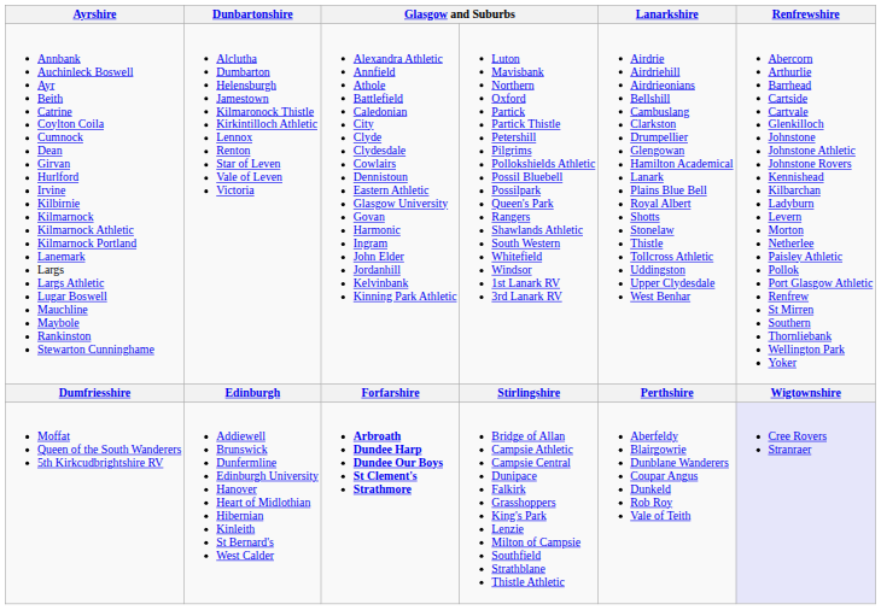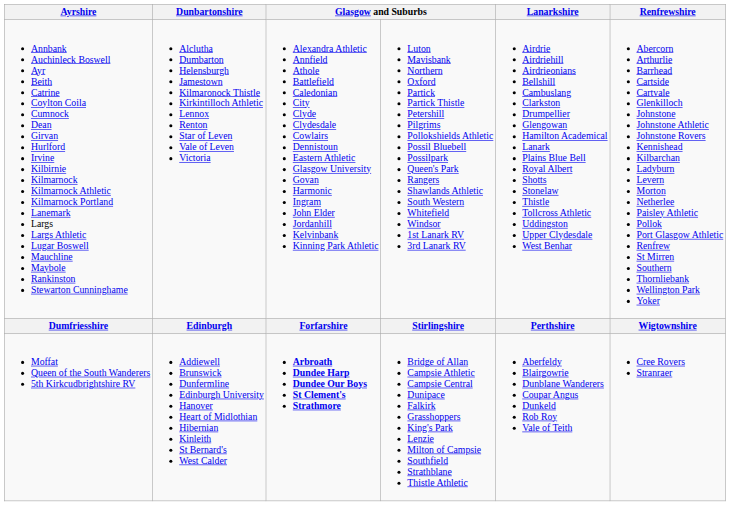 <table class="wikitable" style="text-align:left">
 <tr>
 <th><a href='#'>Ayrshire</a></th>
 <th><a href='#'>Dunbartonshire</a></th>
 <th colspan=2><a href='#'>Glasgow</a> and Suburbs</th>
 <th><a href='#'>Lanarkshire</a></th>
 <th><a href='#'>Renfrewshire</a></th>
 </tr>
 <tr>
 <td valign=top><br><ul><li><a href='#'>Annbank</a></li><li><a href='#'>Auchinleck Boswell</a></li><li><a href='#'>Ayr</a></li><li><a href='#'>Beith</a></li><li><a href='#'>Catrine</a></li><li><a href='#'>Coylton Coila</a></li><li><a href='#'>Cumnock</a></li><li><a href='#'>Dean</a></li><li><a href='#'>Girvan</a></li><li><a href='#'>Hurlford</a></li><li><a href='#'>Irvine</a></li><li><a href='#'>Kilbirnie</a></li><li><a href='#'>Kilmarnock</a></li><li><a href='#'>Kilmarnock Athletic</a></li><li><a href='#'>Kilmarnock Portland</a></li><li><a href='#'>Lanemark</a></li><li>Largs</li><li><a href='#'>Largs Athletic</a></li><li><a href='#'>Lugar Boswell</a></li><li><a href='#'>Mauchline</a></li><li><a href='#'>Maybole</a></li><li><a href='#'>Rankinston</a></li><li><a href='#'>Stewarton Cunninghame</a></li></ul></td>
 <td valign=top><br><ul><li><a href='#'>Alclutha</a></li><li><a href='#'>Dumbarton</a></li><li><a href='#'>Helensburgh</a></li><li><a href='#'>Jamestown</a></li><li><a href='#'>Kilmaronock Thistle</a></li><li><a href='#'>Kirkintilloch Athletic</a></li><li><a href='#'>Lennox</a></li><li><a href='#'>Renton</a></li><li><a href='#'>Star of Leven</a></li><li><a href='#'>Vale of Leven</a></li><li><a href='#'>Victoria</a></li></ul></td>
 <td valign=top><br><ul><li><a href='#'>Alexandra Athletic</a></li><li><a href='#'>Annfield</a></li><li><a href='#'>Athole</a></li><li><a href='#'>Battlefield</a></li><li><a href='#'>Caledonian</a></li><li><a href='#'>City</a></li><li><a href='#'>Clyde</a></li><li><a href='#'>Clydesdale</a></li><li><a href='#'>Cowlairs</a></li><li><a href='#'>Dennistoun</a></li><li><a href='#'>Eastern Athletic</a></li><li><a href='#'>Glasgow University</a></li><li><a href='#'>Govan</a></li><li><a href='#'>Harmonic</a></li><li><a href='#'>Ingram</a></li><li><a href='#'>John Elder</a></li><li><a href='#'>Jordanhill</a></li><li><a href='#'>Kelvinbank</a></li><li><a href='#'>Kinning Park Athletic</a></li></ul></td>
 <td valign=top><br><ul><li><a href='#'>Luton</a></li><li><a href='#'>Mavisbank</a></li><li><a href='#'>Northern</a></li><li><a href='#'>Oxford</a></li><li><a href='#'>Partick</a></li><li><a href='#'>Partick Thistle</a></li><li><a href='#'>Petershill</a></li><li><a href='#'>Pilgrims</a></li><li><a href='#'>Pollokshields Athletic</a></li><li><a href='#'>Possil Bluebell</a></li><li><a href='#'>Possilpark</a></li><li><a href='#'>Queen's Park</a></li><li><a href='#'>Rangers</a></li><li><a href='#'>Shawlands Athletic</a></li><li><a href='#'>South Western</a></li><li><a href='#'>Whitefield</a></li><li><a href='#'>Windsor</a></li><li><a href='#'>1st Lanark RV</a></li><li><a href='#'>3rd Lanark RV</a></li></ul></td>
 <td valign=top><br><ul><li><a href='#'>Airdrie</a></li><li><a href='#'>Airdriehill</a></li><li><a href='#'>Airdrieonians</a></li><li><a href='#'>Bellshill</a></li><li><a href='#'>Cambuslang</a></li><li><a href='#'>Clarkston</a></li><li><a href='#'>Drumpellier</a></li><li><a href='#'>Glengowan</a></li><li><a href='#'>Hamilton Academical</a></li><li><a href='#'>Lanark</a></li><li><a href='#'>Plains Blue Bell</a></li><li><a href='#'>Royal Albert</a></li><li><a href='#'>Shotts</a></li><li><a href='#'>Stonelaw</a></li><li><a href='#'>Thistle</a></li><li><a href='#'>Tollcross Athletic</a></li><li><a href='#'>Uddingston</a></li><li><a href='#'>Upper Clydesdale</a></li><li><a href='#'>West Benhar</a></li></ul></td>
 <td valign=top><br><ul><li><a href='#'>Abercorn</a></li><li><a href='#'>Arthurlie</a></li><li><a href='#'>Barrhead</a></li><li><a href='#'>Cartside</a></li><li><a href='#'>Cartvale</a></li><li><a href='#'>Glenkilloch</a></li><li><a href='#'>Johnstone</a></li><li><a href='#'>Johnstone Athletic</a></li><li><a href='#'>Johnstone Rovers</a></li><li><a href='#'>Kennishead</a></li><li><a href='#'>Kilbarchan</a></li><li><a href='#'>Ladyburn</a></li><li><a href='#'>Levern</a></li><li><a href='#'>Morton</a></li><li><a href='#'>Netherlee</a></li><li><a href='#'>Paisley Athletic</a></li><li><a href='#'>Pollok</a></li><li><a href='#'>Port Glasgow Athletic</a></li><li><a href='#'>Renfrew</a></li><li><a href='#'>St Mirren</a></li><li><a href='#'>Southern</a></li><li><a href='#'>Thornliebank</a></li><li><a href='#'>Wellington Park</a></li><li><a href='#'>Yoker</a></li></ul></td>
 </tr>
 <tr>
 <th><a href='#'>Dumfriesshire</a></th>
 <th><a href='#'>Edinburgh</a></th>
 <th><a href='#'>Forfarshire</a></th>
 <th><a href='#'>Stirlingshire</a></th>
 <th><a href='#'>Perthshire</a></th>
 <th><a href='#'>Wigtownshire</a></th>
 </tr>
 <tr>
 <td valign=top><br><ul><li><a href='#'>Moffat</a></li><li><a href='#'>Queen of the South Wanderers</a></li><li><a href='#'>5th Kirkcudbrightshire RV</a></li></ul></td>
 <td valign=top><br><ul><li><a href='#'>Addiewell</a></li><li><a href='#'>Brunswick</a></li><li><a href='#'>Dunfermline</a></li><li><a href='#'>Edinburgh University</a></li><li><a href='#'>Hanover</a></li><li><a href='#'>Heart of Midlothian</a></li><li><a href='#'>Hibernian</a></li><li><a href='#'>Kinleith</a></li><li><a href='#'>St Bernard's</a></li><li><a href='#'>West Calder</a></li></ul></td>
 <td valign=top><strong><br><ul><li><a href='#'>Arbroath</a></li><li><a href='#'>Dundee Harp</a></li><li><a href='#'>Dundee Our Boys</a></li><li><a href='#'>St Clement's</a></li><li><a href='#'>Strathmore</a></li></ul></strong></td>
 <td valign=top><br><ul><li><a href='#'>Bridge of Allan</a></li><li><a href='#'>Campsie Athletic</a></li><li><a href='#'>Campsie Central</a></li><li><a href='#'>Dunipace</a></li><li><a href='#'>Falkirk</a></li><li><a href='#'>Grasshoppers</a></li><li><a href='#'>King's Park</a></li><li><a href='#'>Lenzie</a></li><li><a href='#'>Milton of Campsie</a></li><li><a href='#'>Southfield</a></li><li><a href='#'>Strathblane</a></li><li><a href='#'>Thistle Athletic</a></li></ul></td>
 <td valign=top><br><ul><li><a href='#'>Aberfeldy</a></li><li><a href='#'>Blairgowrie</a></li><li><a href='#'>Dunblane Wanderers</a></li><li><a href='#'>Coupar Angus</a></li><li><a href='#'>Dunkeld</a></li><li><a href='#'>Rob Roy</a></li><li><a href='#'>Vale of Teith</a></li></ul></td>
-<td valign=top style="background: lavender;"><br><ul><li><a href='#'>Cree Rovers</a></li><li><a href='#'>Stranraer</a></li></ul></td>
+<td valign=top><br><ul><li><a href='#'>Cree Rovers</a></li><li><a href='#'>Stranraer</a></li></ul></td>
 </tr>
 </table>
